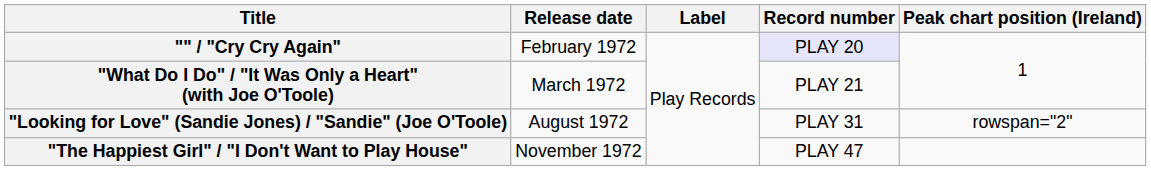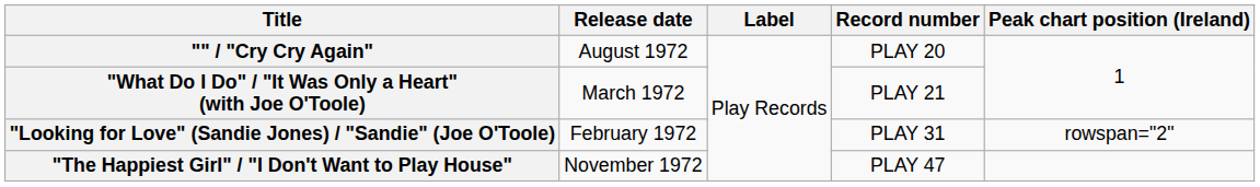 <table class="wikitable plainrowheaders" style="text-align:center;">
 <tr>
 <th scope="col">Title</th>
 <th scope="col">Release date</th>
 <th scope="col">Label</th>
 <th scope="col">Record number</th>
 <th scope="col">Peak chart position (Ireland)</th>
 </tr>
 <tr>
 <th scope="row">"" / "Cry Cry Again"</th>
-<td>February 1972</td>
+<td>August 1972</td>
 <td rowspan="4">Play Records</td>
-<td style="background: lavender;">PLAY 20</td>
+<td>PLAY 20</td>
 <td rowspan="2">1</td>
 </tr>
 <tr>
 <th scope="row">"What Do I Do" / "It Was Only a Heart"<br><span>(with Joe O'Toole)</span></th>
 <td>March 1972</td>
 <td>PLAY 21</td>
 </tr>
 <tr>
 <th scope="row">"Looking for Love" <span>(Sandie Jones)</span> / "Sandie" <span>(Joe O'Toole)</span></th>
-<td>August 1972</td>
+<td>February 1972</td>
 <td>PLAY 31</td>
 <td>rowspan="2" </td>
 </tr>
 <tr>
 <th scope="row">"The Happiest Girl" / "I Don't Want to Play House"</th>
 <td>November 1972</td>
 <td>PLAY 47</td>
 </tr>
 </table>
